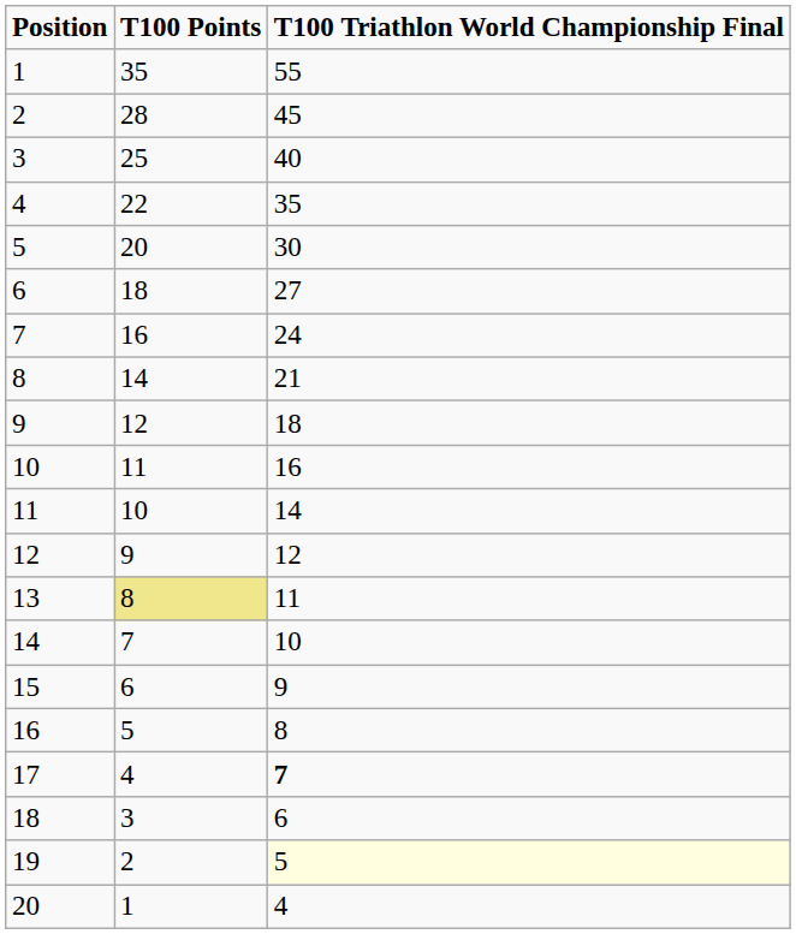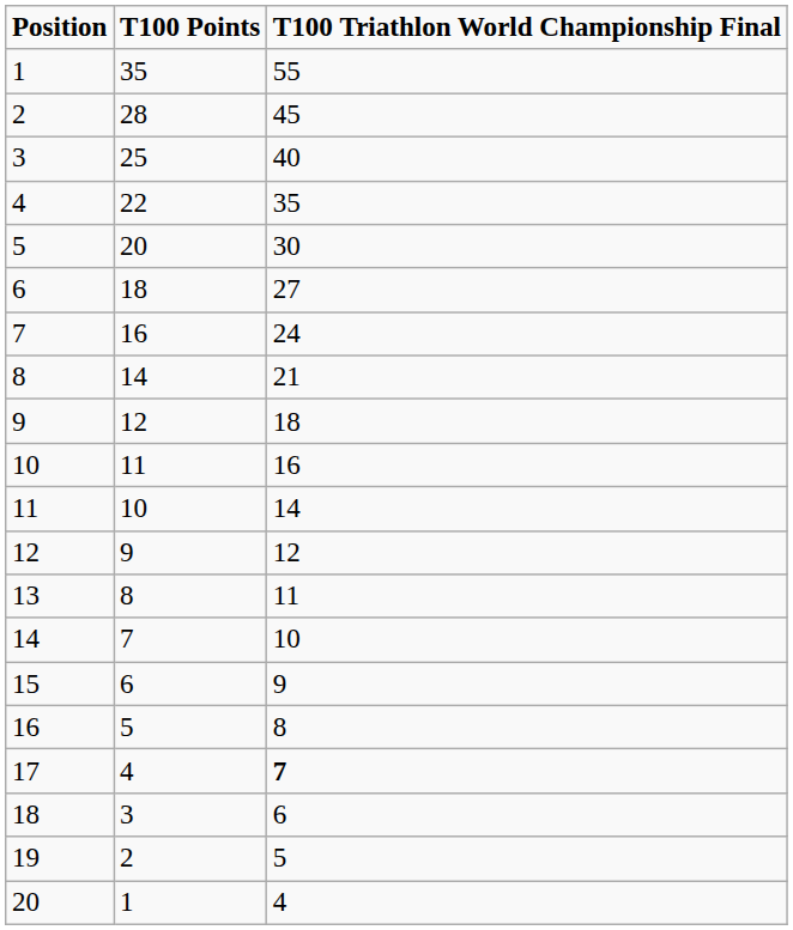 <table class="wikitable">
 <tr>
 <td><strong>Position</strong></td>
 <td><strong>T100 Points</strong></td>
 <td><strong>T100</strong> <strong>Triathlon World Championship Final</strong></td>
 </tr>
 <tr>
 <td>1</td>
 <td>35</td>
 <td>55</td>
 </tr>
 <tr>
 <td>2</td>
 <td>28</td>
 <td>45</td>
 </tr>
 <tr>
 <td>3</td>
 <td>25</td>
 <td>40</td>
 </tr>
 <tr>
 <td>4</td>
 <td>22</td>
 <td>35</td>
 </tr>
 <tr>
 <td>5</td>
 <td>20</td>
 <td>30</td>
 </tr>
 <tr>
 <td>6</td>
 <td>18</td>
 <td>27</td>
 </tr>
 <tr>
 <td>7</td>
 <td>16</td>
 <td>24</td>
 </tr>
 <tr>
 <td>8</td>
 <td>14</td>
 <td>21</td>
 </tr>
 <tr>
 <td>9</td>
 <td>12</td>
 <td>18</td>
 </tr>
 <tr>
 <td>10</td>
 <td>11</td>
 <td>16</td>
 </tr>
 <tr>
 <td>11</td>
 <td>10</td>
 <td>14</td>
 </tr>
 <tr>
 <td>12</td>
 <td>9</td>
 <td>12</td>
 </tr>
 <tr>
 <td>13</td>
-<td style="background: khaki;">8</td>
+<td>8</td>
 <td>11</td>
 </tr>
 <tr>
 <td>14</td>
 <td>7</td>
 <td>10</td>
 </tr>
 <tr>
 <td>15</td>
 <td>6</td>
 <td>9</td>
 </tr>
 <tr>
 <td>16</td>
 <td>5</td>
 <td>8</td>
 </tr>
 <tr>
 <td>17</td>
 <td>4</td>
 <td><strong>7</strong></td>
 </tr>
 <tr>
 <td>18</td>
 <td>3</td>
 <td>6</td>
 </tr>
 <tr>
 <td>19</td>
 <td>2</td>
-<td style="background: lightyellow;">5</td>
+<td>5</td>
 </tr>
 <tr>
 <td>20</td>
 <td>1</td>
 <td>4</td>
 </tr>
 </table>
